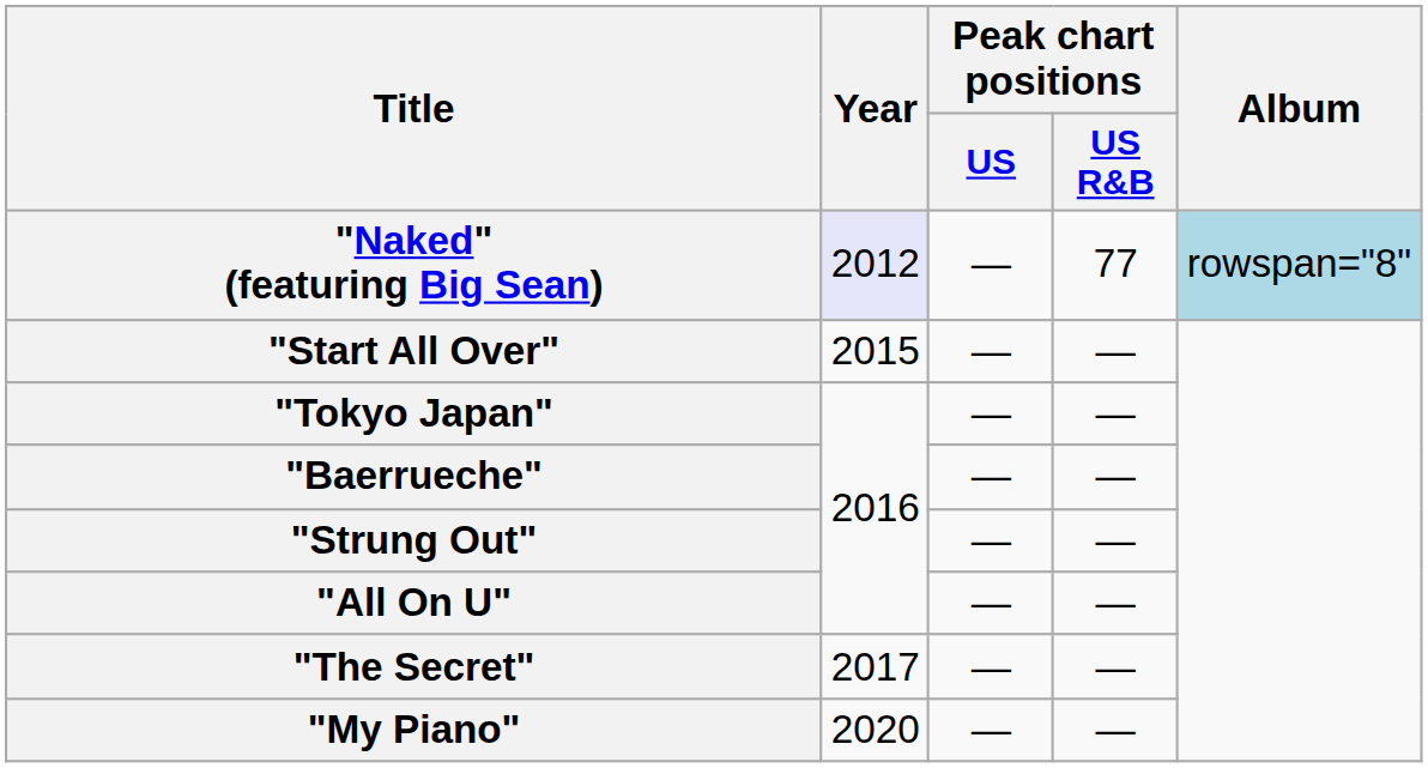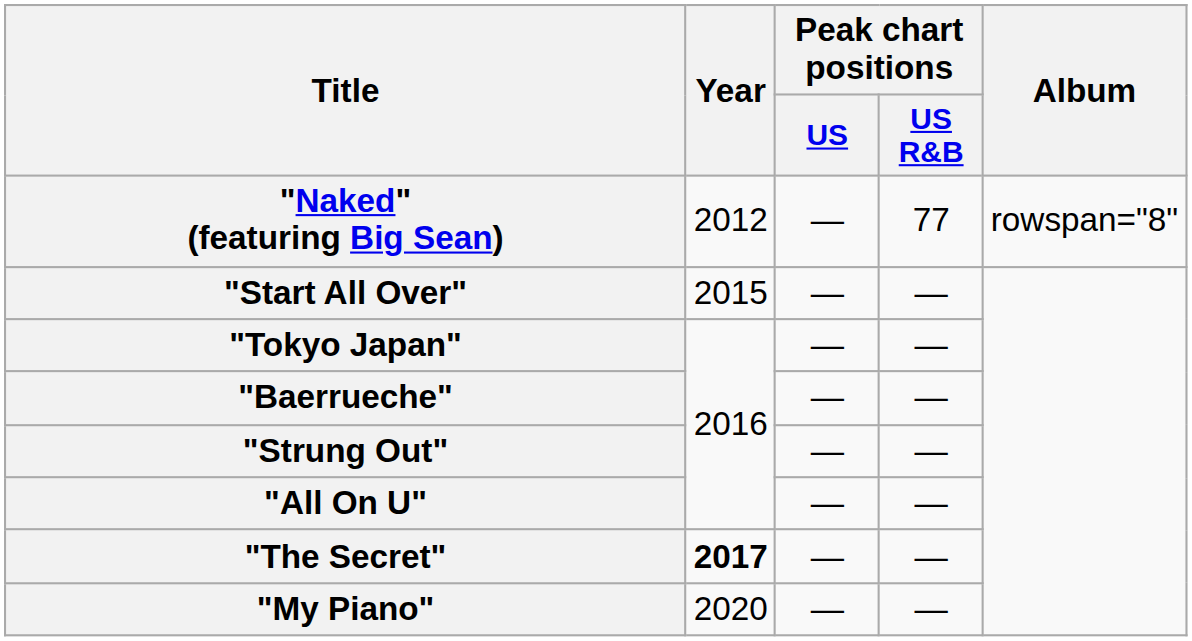 <table class="wikitable plainrowheaders" style="text-align:center;">
 <tr>
 <th scope="col" rowspan="2" style="width:20em;">Title</th>
 <th scope="col" rowspan="2">Year</th>
 <th scope="col" colspan="2">Peak chart positions</th>
 <th scope="col" rowspan="2">Album</th>
 </tr>
 <tr>
 <th style="width:3em; font-size:90%"><a href='#'>US</a></th>
 <th style="width:3em; font-size:90%"><a href='#'>US<br>R&B</a></th>
 </tr>
 <tr>
 <th scope="row">"<a href='#'>Naked</a>"<br><span>(featuring <a href='#'>Big Sean</a>)</span></th>
-<td style="background: lavender;">2012</td>
+<td>2012</td>
 <td>—</td>
 <td>77</td>
-<td style="background: lightblue;">rowspan="8" </td>
+<td>rowspan="8" </td>
 </tr>
 <tr>
 <th scope="row">"Start All Over"</th>
 <td>2015</td>
 <td>—</td>
 <td>—</td>
 </tr>
 <tr>
 <th scope="row">"Tokyo Japan"</th>
 <td rowspan="4">2016</td>
 <td>—</td>
 <td>—</td>
 </tr>
 <tr>
 <th scope="row">"Baerrueche"</th>
 <td>—</td>
 <td>—</td>
 </tr>
 <tr>
 <th scope="row">"Strung Out"</th>
 <td>—</td>
 <td>—</td>
 </tr>
 <tr>
 <th scope="row">"All On U"</th>
 <td>—</td>
 <td>—</td>
 </tr>
 <tr>
 <th scope="row">"The Secret"</th>
-<td>2017</td>
+<td><strong>2017</strong></td>
 <td>—</td>
 <td>—</td>
 </tr>
 <tr>
 <th scope="row">"My Piano"</th>
 <td>2020</td>
 <td>—</td>
 <td>—</td>
 </tr>
 </table>
